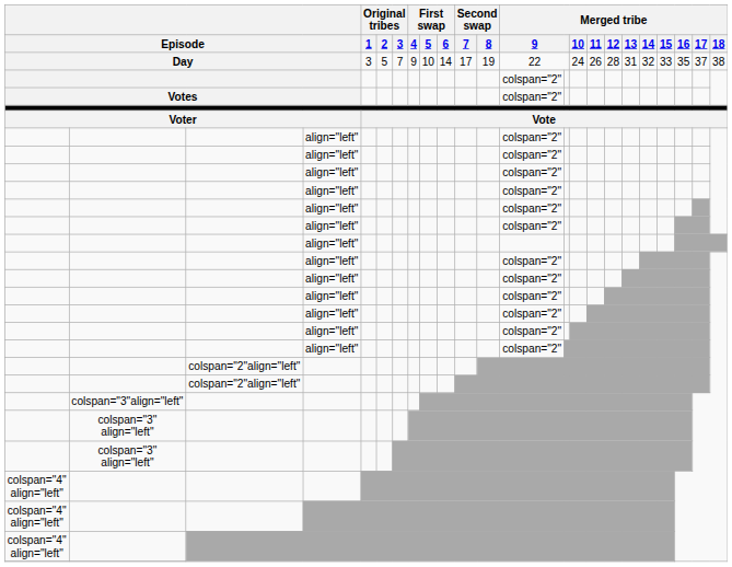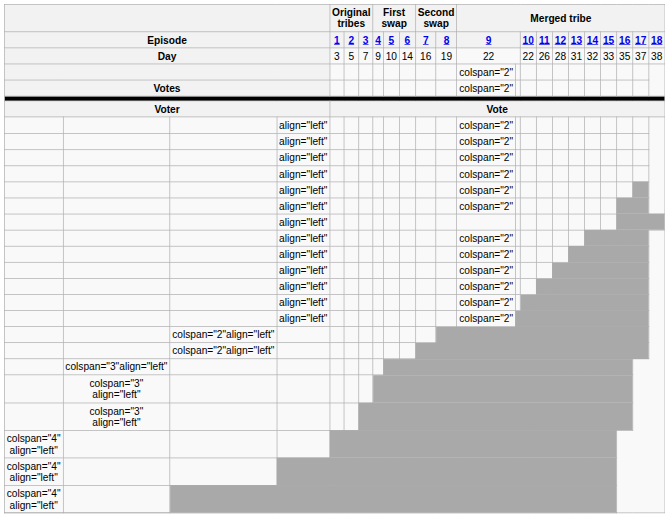 <table class="wikitable" style="text-align:center; font-size:95%; width:100%">
 <tr>
 <th colspan="4"></th>
 <th colspan="3">Original tribes</th>
 <th colspan="3">First swap</th>
 <th colspan="2">Second swap</th>
 <th colspan="11">Merged tribe</th>
 </tr>
 <tr>
 <th colspan="4">Episode</th>
 <th><a href='#'>1</a></th>
 <th><a href='#'>2</a></th>
 <th><a href='#'>3</a></th>
 <th><a href='#'>4</a></th>
 <th><a href='#'>5</a></th>
 <th><a href='#'>6</a></th>
 <th><a href='#'>7</a></th>
 <th><a href='#'>8</a></th>
 <th colspan="2"><a href='#'>9</a></th>
 <th><a href='#'>10</a></th>
 <th><a href='#'>11</a></th>
 <th><a href='#'>12</a></th>
 <th><a href='#'>13</a></th>
 <th><a href='#'>14</a></th>
 <th><a href='#'>15</a></th>
 <th><a href='#'>16</a></th>
 <th><a href='#'>17</a></th>
 <th><a href='#'>18</a></th>
 </tr>
 <tr>
 <th colspan="4">Day</th>
 <td>3</td>
 <td>5</td>
 <td>7</td>
 <td>9</td>
 <td>10</td>
 <td>14</td>
-<td>17</td>
+<td>16</td>
 <td>19</td>
 <td colspan="2">22</td>
-<td>24</td>
+<td>22</td>
 <td>26</td>
 <td>28</td>
 <td>31</td>
 <td>32</td>
 <td>33</td>
 <td>35</td>
 <td>37</td>
 <td>38</td>
 </tr>
 <tr>
 <th colspan="4"></th>
 <td></td>
 <td></td>
 <td></td>
 <td></td>
 <td></td>
 <td></td>
 <td></td>
 <td></td>
 <td>colspan="2"</td>
 <td></td>
 <td></td>
 <td></td>
 <td></td>
 <td></td>
 <td></td>
 <td></td>
 <td></td>
 <td></td>
 </tr>
 <tr>
 <th colspan="4">Votes</th>
 <td></td>
 <td></td>
 <td></td>
 <td></td>
 <td></td>
 <td></td>
 <td></td>
 <td></td>
 <td>colspan="2"</td>
 <td></td>
 <td></td>
 <td></td>
 <td></td>
 <td></td>
 <td></td>
 <td></td>
 <td></td>
 <td></td>
 </tr>
 <tr>
 <td bgcolor=#000000 colspan="23"></td>
 </tr>
 <tr>
 <th colspan="4">Voter</th>
 <th colspan="19">Vote</th>
 </tr>
 <tr>
 <td></td>
 <td></td>
 <td></td>
 <td>align="left" </td>
 <td></td>
 <td></td>
 <td></td>
 <td></td>
 <td></td>
 <td></td>
 <td></td>
 <td></td>
 <td>colspan="2"</td>
 <td></td>
 <td></td>
 <td></td>
 <td></td>
 <td></td>
 <td></td>
 <td></td>
 <td></td>
 <td></td>
 </tr>
 <tr>
 <td></td>
 <td></td>
 <td></td>
 <td>align="left" </td>
 <td></td>
 <td></td>
 <td></td>
 <td></td>
 <td></td>
 <td></td>
 <td></td>
 <td></td>
 <td>colspan="2"</td>
 <td></td>
 <td></td>
 <td></td>
 <td></td>
 <td></td>
 <td></td>
 <td></td>
 <td></td>
 <td></td>
 </tr>
 <tr>
 <td></td>
 <td></td>
 <td></td>
 <td>align="left" </td>
 <td></td>
 <td></td>
 <td></td>
 <td></td>
 <td></td>
 <td></td>
 <td></td>
 <td></td>
 <td>colspan="2"</td>
 <td></td>
 <td></td>
 <td></td>
 <td></td>
 <td></td>
 <td></td>
 <td></td>
 <td></td>
 <td></td>
 </tr>
 <tr>
 <td></td>
 <td></td>
 <td></td>
 <td>align="left" </td>
 <td></td>
 <td></td>
 <td></td>
 <td></td>
 <td></td>
 <td></td>
 <td></td>
 <td></td>
 <td>colspan="2"</td>
 <td></td>
 <td></td>
 <td></td>
 <td></td>
 <td></td>
 <td></td>
 <td></td>
 <td></td>
 <td></td>
 </tr>
 <tr>
 <td></td>
 <td></td>
 <td></td>
 <td>align="left" </td>
 <td></td>
 <td></td>
 <td></td>
 <td></td>
 <td></td>
 <td></td>
 <td></td>
 <td></td>
 <td>colspan="2"</td>
 <td></td>
 <td></td>
 <td></td>
 <td></td>
 <td></td>
 <td></td>
 <td></td>
 <td></td>
 <td colspan="1" style="background:darkgrey;"></td>
 </tr>
 <tr>
 <td></td>
 <td></td>
 <td></td>
 <td>align="left" </td>
 <td></td>
 <td></td>
 <td></td>
 <td></td>
 <td></td>
 <td></td>
 <td></td>
 <td></td>
 <td>colspan="2"</td>
 <td></td>
 <td></td>
 <td></td>
 <td></td>
 <td></td>
 <td></td>
 <td></td>
 <td colspan="2" style="background:darkgrey;"></td>
 </tr>
 <tr>
 <td></td>
 <td></td>
 <td></td>
 <td>align="left" </td>
 <td></td>
 <td></td>
 <td></td>
 <td></td>
 <td></td>
 <td></td>
 <td></td>
 <td></td>
 <td></td>
 <td></td>
 <td></td>
 <td></td>
 <td></td>
 <td></td>
 <td></td>
 <td></td>
 <td colspan="3" style="background:darkgrey;"></td>
 </tr>
 <tr>
 <td></td>
 <td></td>
 <td></td>
 <td>align="left" </td>
 <td></td>
 <td></td>
 <td></td>
 <td></td>
 <td></td>
 <td></td>
 <td></td>
 <td></td>
 <td>colspan="2"</td>
 <td></td>
 <td></td>
 <td></td>
 <td></td>
 <td></td>
 <td colspan="4" style="background:darkgrey;"></td>
 </tr>
 <tr>
 <td></td>
 <td></td>
 <td></td>
 <td>align="left" </td>
 <td></td>
 <td></td>
 <td></td>
 <td></td>
 <td></td>
 <td></td>
 <td></td>
 <td></td>
 <td>colspan="2"</td>
 <td></td>
 <td></td>
 <td></td>
 <td></td>
 <td colspan="5" style="background:darkgrey;"></td>
 </tr>
 <tr>
 <td></td>
 <td></td>
 <td></td>
 <td>align="left" </td>
 <td></td>
 <td></td>
 <td></td>
 <td></td>
 <td></td>
 <td></td>
 <td></td>
 <td></td>
 <td>colspan="2"</td>
 <td></td>
 <td></td>
 <td></td>
 <td colspan="6" style="background:darkgrey;"></td>
 </tr>
 <tr>
 <td></td>
 <td></td>
 <td></td>
 <td>align="left" </td>
 <td></td>
 <td></td>
 <td></td>
 <td></td>
 <td></td>
 <td></td>
 <td></td>
 <td></td>
 <td>colspan="2"</td>
 <td></td>
 <td></td>
 <td colspan="7" style="background:darkgrey;"></td>
 </tr>
 <tr>
 <td></td>
 <td></td>
 <td></td>
 <td>align="left" </td>
 <td></td>
 <td></td>
 <td></td>
 <td></td>
 <td></td>
 <td></td>
 <td></td>
 <td></td>
 <td>colspan="2"</td>
 <td></td>
 <td colspan="8" style="background:darkgrey;"></td>
 </tr>
 <tr>
 <td></td>
 <td></td>
 <td></td>
 <td>align="left" </td>
 <td></td>
 <td></td>
 <td></td>
 <td></td>
 <td></td>
 <td></td>
 <td></td>
 <td></td>
 <td>colspan="2"</td>
 <td colspan="9" style="background:darkgrey;"></td>
 </tr>
 <tr>
 <td></td>
 <td></td>
 <td>colspan="2"align="left" </td>
 <td></td>
 <td></td>
 <td></td>
 <td></td>
 <td></td>
 <td></td>
 <td></td>
 <td></td>
 <td colspan="11" style="background:darkgrey;"></td>
 </tr>
 <tr>
 <td></td>
 <td></td>
 <td>colspan="2"align="left" </td>
 <td></td>
 <td></td>
 <td></td>
 <td></td>
 <td></td>
 <td></td>
 <td></td>
 <td colspan="12" style="background:darkgrey;"></td>
 </tr>
 <tr>
 <td></td>
 <td>colspan="3"align="left" </td>
 <td></td>
 <td></td>
 <td></td>
 <td></td>
 <td></td>
 <td></td>
 <td colspan="13" style="background:darkgrey;"></td>
 </tr>
 <tr>
 <td></td>
 <td>colspan="3" align="left" </td>
 <td></td>
 <td></td>
 <td></td>
 <td></td>
 <td></td>
 <td colspan="14" style="background:darkgrey;"></td>
 </tr>
 <tr>
 <td></td>
 <td>colspan="3" align="left" </td>
 <td></td>
 <td></td>
 <td></td>
 <td></td>
 <td colspan="15" style="background:darkgrey;"></td>
 </tr>
 <tr>
 <td>colspan="4" align="left" </td>
 <td></td>
 <td></td>
 <td></td>
 <td colspan="16" style="background:darkgrey;"></td>
 </tr>
 <tr>
 <td>colspan="4" align="left" </td>
 <td></td>
 <td></td>
 <td colspan="17" style="background:darkgrey;"></td>
 </tr>
 <tr>
 <td>colspan="4" align="left" </td>
 <td></td>
 <td colspan="18" style="background:darkgrey;"></td>
 </tr>
 <tr>
 </tr>
 </table>
